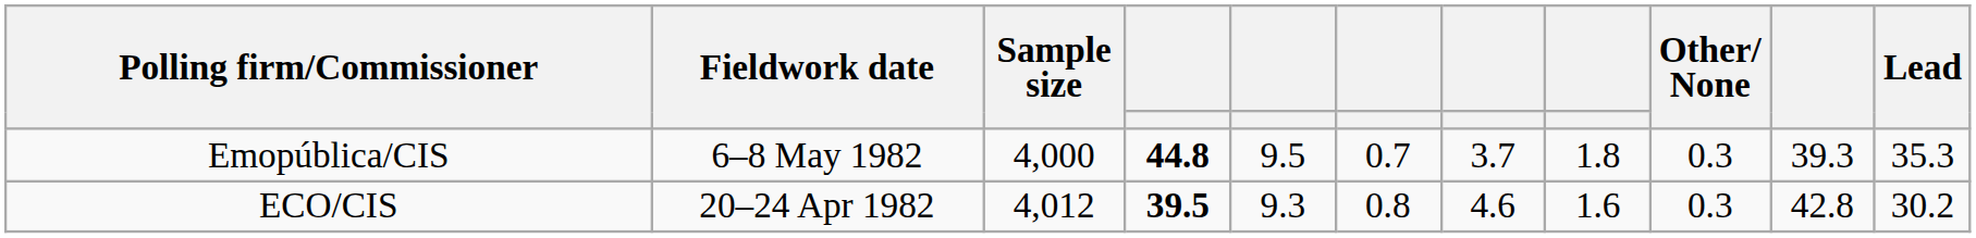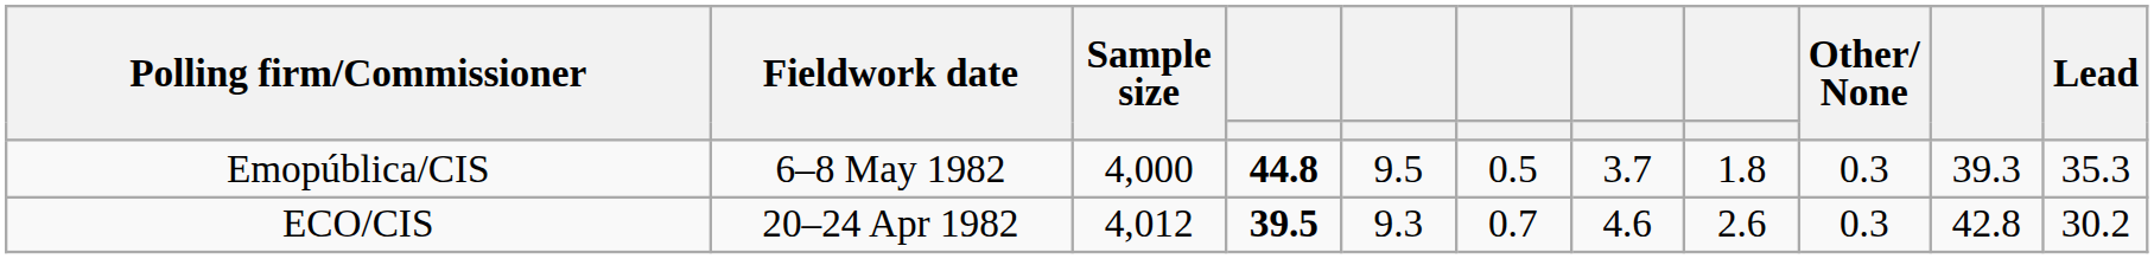 <table class="wikitable collapsible collapsed" style="text-align:center; font-size:90%; line-height:14px;">
 <tr style="height:42px;">
 <th style="width:250px;" rowspan="2">Polling firm/Commissioner</th>
 <th style="width:125px;" rowspan="2">Fieldwork date</th>
 <th style="width:50px;" rowspan="2">Sample size</th>
 <th style="width:35px;"></th>
 <th style="width:35px;"></th>
 <th style="width:35px;"></th>
 <th style="width:35px;"></th>
 <th style="width:35px;"></th>
 <th style="width:35px;" rowspan="2">Other/<br>None</th>
 <th style="width:35px;" rowspan="2"></th>
 <th style="width:30px;" rowspan="2">Lead</th>
 </tr>
 <tr>
 <th style="color:inherit;background:"></th>
 <th style="color:inherit;background:"></th>
 <th style="color:inherit;background:"></th>
 <th style="color:inherit;background:"></th>
 <th style="color:inherit;background:"></th>
 </tr>
 <tr>
 <td>Emopública/CIS</td>
 <td>6–8 May 1982</td>
 <td>4,000</td>
 <td><strong>44.8</strong></td>
 <td>9.5</td>
-<td>0.7</td>
+<td>0.5</td>
 <td>3.7</td>
 <td>1.8</td>
 <td>0.3</td>
 <td>39.3</td>
 <td style="background:">35.3</td>
 </tr>
 <tr>
 <td>ECO/CIS</td>
 <td>20–24 Apr 1982</td>
 <td>4,012</td>
 <td><strong>39.5</strong></td>
 <td>9.3</td>
-<td>0.8</td>
+<td>0.7</td>
 <td>4.6</td>
-<td>1.6</td>
+<td>2.6</td>
 <td>0.3</td>
 <td>42.8</td>
 <td style="background:">30.2</td>
 </tr>
 </table>
